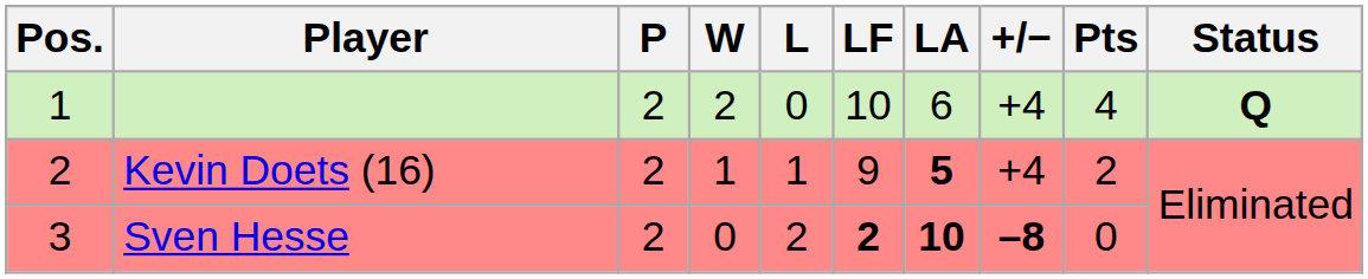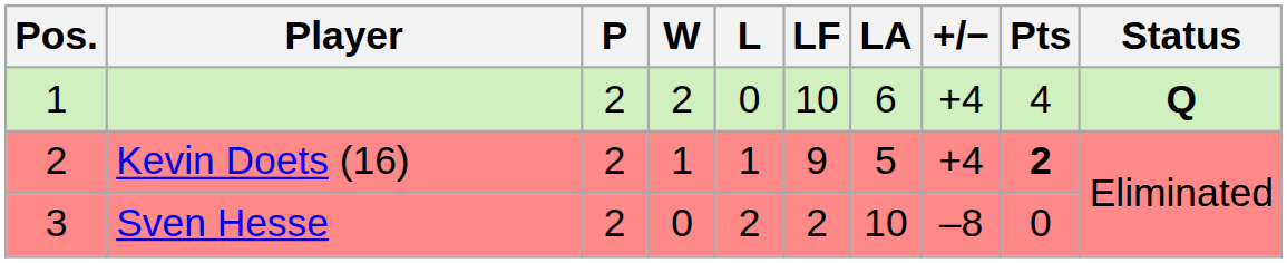 <table class="wikitable" style="text-align:center; margin: 1em auto 1em auto, align:left">
 <tr>
 <th width=20>Pos.</th>
 <th width=185>Player</th>
 <th width=20>P</th>
 <th width=20>W</th>
 <th width=20>L</th>
 <th width=20>LF</th>
 <th width=20>LA</th>
 <th width=25>+/−</th>
 <th width=20>Pts</th>
 <th width=70>Status</th>
 </tr>
 <tr style="background:#D0F0C0;">
 <td>1</td>
 <td align=left></td>
 <td>2</td>
 <td>2</td>
 <td>0</td>
 <td>10</td>
 <td>6</td>
 <td>+4</td>
 <td>4</td>
 <td><strong>Q</strong></td>
 </tr>
 <tr style="background:#FF8888;">
 <td>2</td>
 <td align=left> <a href='#'>Kevin Doets</a> (16)</td>
 <td>2</td>
 <td>1</td>
 <td>1</td>
 <td>9</td>
-<td><strong>5</strong></td>
+<td>5</td>
 <td>+4</td>
-<td>2</td>
+<td><strong>2</strong></td>
 <td rowspan=2>Eliminated</td>
 </tr>
 <tr style="background:#FF8888;">
 <td>3</td>
 <td align=left> <a href='#'>Sven Hesse</a></td>
 <td>2</td>
 <td>0</td>
 <td>2</td>
-<td><strong>2</strong></td>
-<td><strong>10</strong></td>
-<td><strong>–8</strong></td>
+<td>2</td>
+<td>10</td>
+<td>–8</td>
 <td>0</td>
 </tr>
 </table>
